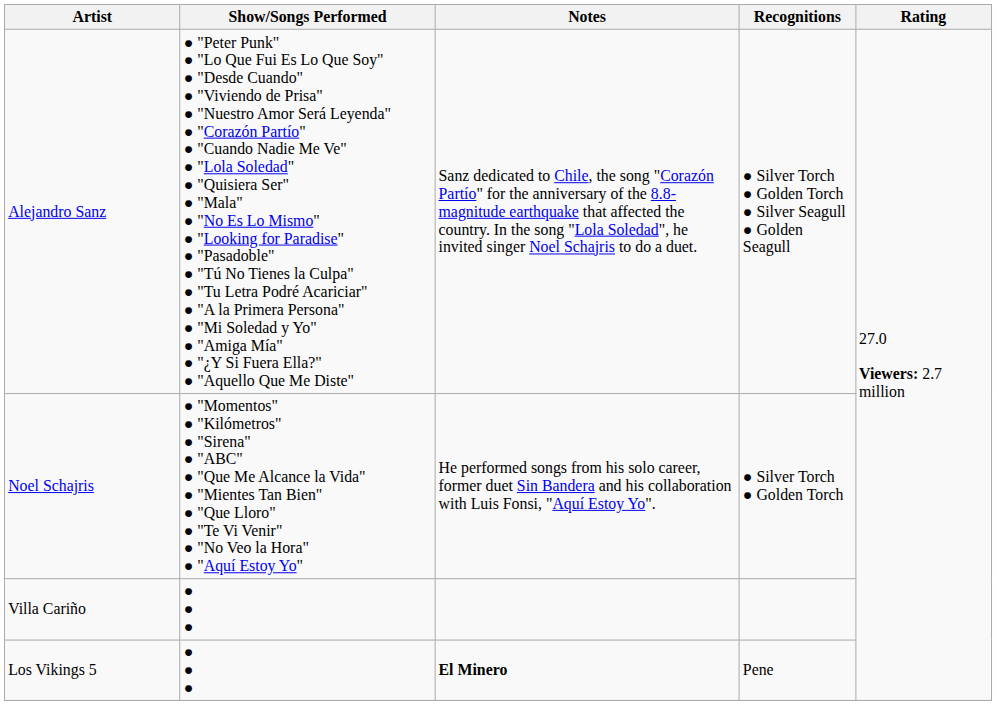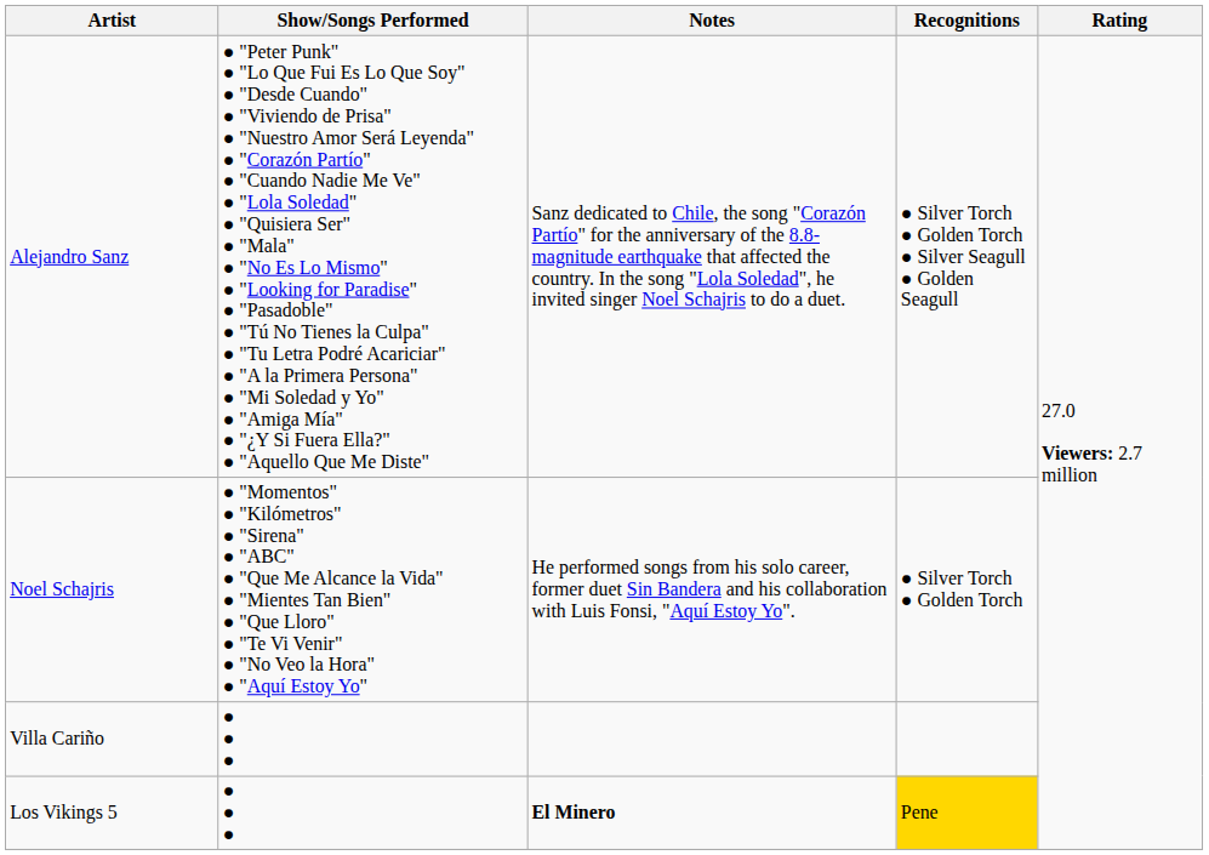 <table class="wikitable">
 <tr>
 <th width="170">Artist</th>
 <th width="250">Show/Songs Performed</th>
 <th width="300">Notes</th>
 <th width="110">Recognitions</th>
 <th width="130">Rating</th>
 </tr>
 <tr>
 <td><a href='#'>Alejandro Sanz</a></td>
 <td>● "Peter Punk"<br> ● "Lo Que Fui Es Lo Que Soy"<br> ● "Desde Cuando"<br> ● "Viviendo de Prisa"<br> ● "Nuestro Amor Será Leyenda" <br> ● "<a href='#'>Corazón Partío</a>"<br> ● "Cuando Nadie Me Ve" <br> ● "<a href='#'>Lola Soledad</a>"<br> ● "Quisiera Ser"<br> ● "Mala"<br> ● "<a href='#'>No Es Lo Mismo</a>"<br> ● "<a href='#'>Looking for Paradise</a>"<br> ● "Pasadoble"<br> ● "Tú No Tienes la Culpa"<br> ● "Tu Letra Podré Acariciar"<br> ● "A la Primera Persona"<br> ● "Mi Soledad y Yo"<br> ● "Amiga Mía"<br> ● "¿Y Si Fuera Ella?"<br> ● "Aquello Que Me Diste"</td>
 <td>Sanz dedicated to <a href='#'>Chile</a>, the song "<a href='#'>Corazón Partío</a>" for the anniversary of the <a href='#'>8.8-magnitude earthquake</a> that affected the country. In the song "<a href='#'>Lola Soledad</a>", he invited singer <a href='#'>Noel Schajris</a> to do a duet.</td>
 <td>● Silver Torch<br> ● Golden Torch<br> ● Silver Seagull<br> ● Golden Seagull</td>
 <td rowspan="4">27.0<br><br> <strong>Viewers:</strong> 2.7 million<br></td>
 </tr>
 <tr>
 <td><a href='#'>Noel Schajris</a></td>
 <td>● "Momentos"<br> ● "Kilómetros"<br> ● "Sirena"<br> ● "ABC"<br> ● "Que Me Alcance la Vida"<br> ● "Mientes Tan Bien"<br> ● "Que Lloro"<br> ● "Te Vi Venir"<br> ● "No Veo la Hora"<br> ● "<a href='#'>Aquí Estoy Yo</a>"</td>
 <td>He performed songs from his solo career, former duet <a href='#'>Sin Bandera</a> and his collaboration with Luis Fonsi, "<a href='#'>Aquí Estoy Yo</a>".</td>
 <td>● Silver Torch<br> ● Golden Torch<br></td>
 </tr>
 <tr>
 <td>Villa Cariño</td>
 <td>● <br> ● <br> ● <br></td>
 <td></td>
 <td></td>
 </tr>
 <tr>
 <td>Los Vikings 5</td>
 <td>● <br> ● <br> ● <br></td>
 <td><strong>El Minero</strong></td>
-<td>Pene</td>
+<td style="background: gold;">Pene</td>
 </tr>
 <tr>
 </tr>
 </table>
